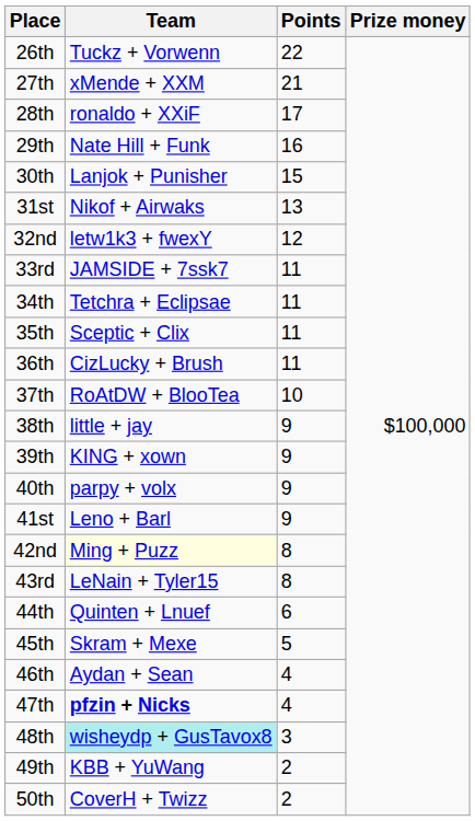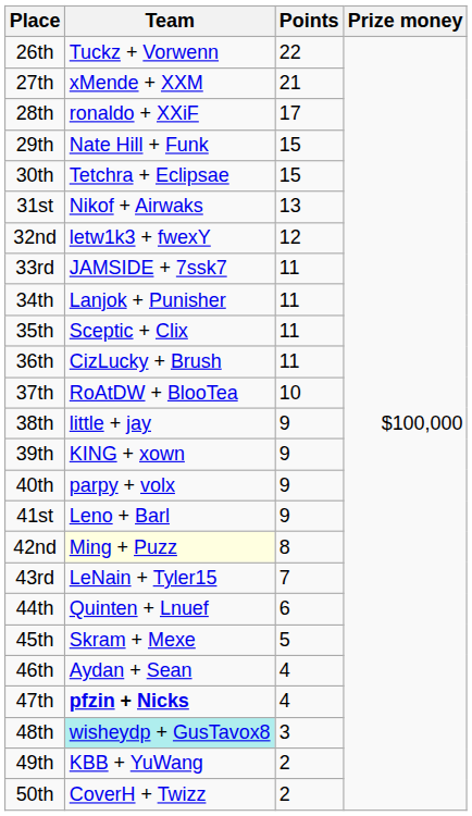 <table class="wikitable" style="display: inline-table; margin-left: 50px;text-align:left">
 <tr>
 <th>Place</th>
 <th>Team</th>
 <th>Points</th>
 <th>Prize money</th>
 </tr>
 <tr>
 <td style="text-align:center">26th</td>
 <td><a href='#'>Tuckz</a> + <a href='#'>Vorwenn</a></td>
 <td>22</td>
 <td style="text-align:right" rowspan="25">$100,000</td>
 </tr>
 <tr>
 <td style="text-align:center">27th</td>
 <td><a href='#'>xMende</a> + <a href='#'>XXM</a></td>
 <td>21</td>
 </tr>
 <tr>
 <td style="text-align:center">28th</td>
 <td><a href='#'>ronaldo</a> + <a href='#'>XXiF</a></td>
 <td>17</td>
 </tr>
 <tr>
 <td style="text-align:center">29th</td>
 <td><a href='#'>Nate Hill</a> + <a href='#'>Funk</a></td>
-<td>16</td>
+<td>15</td>
 </tr>
 <tr>
 <td style="text-align:center">30th</td>
-<td><a href='#'>Lanjok</a> + <a href='#'>Punisher</a></td>
+<td><a href='#'>Tetchra</a> + <a href='#'>Eclipsae</a></td>
 <td>15</td>
 </tr>
 <tr>
 <td style="text-align:center">31st</td>
 <td><a href='#'>Nikof</a> + <a href='#'>Airwaks</a></td>
 <td>13</td>
 </tr>
 <tr>
 <td style="text-align:center">32nd</td>
 <td><a href='#'>letw1k3</a> + <a href='#'>fwexY</a></td>
 <td>12</td>
 </tr>
 <tr>
 <td style="text-align:center">33rd</td>
 <td><a href='#'>JAMSIDE</a> + <a href='#'>7ssk7</a></td>
 <td>11</td>
 </tr>
 <tr>
 <td style="text-align:center">34th</td>
-<td><a href='#'>Tetchra</a> + <a href='#'>Eclipsae</a></td>
+<td><a href='#'>Lanjok</a> + <a href='#'>Punisher</a></td>
 <td>11</td>
 </tr>
 <tr>
 <td style="text-align:center">35th</td>
 <td><a href='#'>Sceptic</a> + <a href='#'>Clix</a></td>
 <td>11</td>
 </tr>
 <tr>
 <td style="text-align:center">36th</td>
 <td><a href='#'>CizLucky</a> + <a href='#'>Brush</a></td>
 <td>11</td>
 </tr>
 <tr>
 <td style="text-align:center">37th</td>
 <td><a href='#'>RoAtDW</a> + <a href='#'>BlooTea</a></td>
 <td>10</td>
 </tr>
 <tr>
 <td style="text-align:center">38th</td>
 <td><a href='#'>little</a> + <a href='#'>jay</a></td>
 <td>9</td>
 </tr>
 <tr>
 <td style="text-align:center">39th</td>
 <td><a href='#'>KING</a> + <a href='#'>xown</a></td>
 <td>9</td>
 </tr>
 <tr>
 <td style="text-align:center">40th</td>
 <td><a href='#'>parpy</a> + <a href='#'>volx</a></td>
 <td>9</td>
 </tr>
 <tr>
 <td style="text-align:center">41st</td>
 <td><a href='#'>Leno</a> + <a href='#'>Barl</a></td>
 <td>9</td>
 </tr>
 <tr>
 <td style="text-align:center">42nd</td>
 <td style="background: lightyellow;"><a href='#'>Ming</a> + <a href='#'>Puzz</a></td>
 <td>8</td>
 </tr>
 <tr>
 <td style="text-align:center">43rd</td>
 <td><a href='#'>LeNain</a> + <a href='#'>Tyler15</a></td>
-<td>8</td>
+<td>7</td>
 </tr>
 <tr>
 <td style="text-align:center">44th</td>
 <td><a href='#'>Quinten</a> + <a href='#'>Lnuef</a></td>
 <td>6</td>
 </tr>
 <tr>
 <td style="text-align:center">45th</td>
 <td><a href='#'>Skram</a> + <a href='#'>Mexe</a></td>
 <td>5</td>
 </tr>
 <tr>
 <td style="text-align:center">46th</td>
 <td><a href='#'>Aydan</a> + <a href='#'>Sean</a></td>
 <td>4</td>
 </tr>
 <tr>
 <td style="text-align:center">47th</td>
 <td><strong><a href='#'>pfzin</a> + <a href='#'>Nicks</a></strong></td>
 <td>4</td>
 </tr>
 <tr>
 <td style="text-align:center">48th</td>
 <td style="background: paleturquoise;"><a href='#'>wisheydp</a> + <a href='#'>GusTavox8</a></td>
 <td>3</td>
 </tr>
 <tr>
 <td style="text-align:center">49th</td>
 <td><a href='#'>KBB</a> + <a href='#'>YuWang</a></td>
 <td>2</td>
 </tr>
 <tr>
 <td style="text-align:center">50th</td>
 <td><a href='#'>CoverH</a> + <a href='#'>Twizz</a></td>
 <td>2</td>
 </tr>
 </table>
